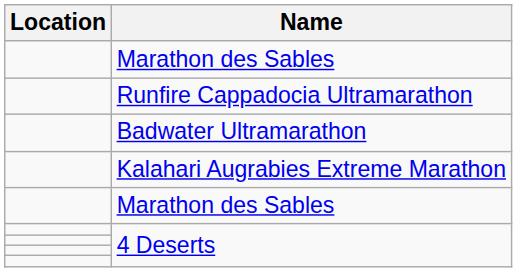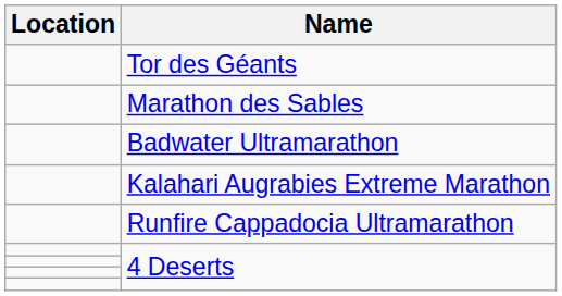 <table class="wikitable sortable">
 <tr>
 <th>Location</th>
 <th>Name</th>
 </tr>
 <tr>
 <td></td>
-<td><a href='#'>Marathon des Sables</a></td>
+<td><a href='#'>Tor des Géants</a></td>
 </tr>
 <tr>
 <td></td>
-<td><a href='#'>Runfire Cappadocia Ultramarathon</a></td>
+<td><a href='#'>Marathon des Sables</a></td>
 </tr>
 <tr>
 <td></td>
 <td><a href='#'>Badwater Ultramarathon</a></td>
 </tr>
 <tr>
 <td></td>
 <td><a href='#'>Kalahari Augrabies Extreme Marathon</a></td>
 </tr>
 <tr>
 <td></td>
-<td><a href='#'>Marathon des Sables</a></td>
+<td><a href='#'>Runfire Cappadocia Ultramarathon</a></td>
 </tr>
 <tr>
 <td></td>
 <td rowspan="4"><a href='#'>4 Deserts</a></td>
 </tr>
 <tr>
 <td></td>
 </tr>
 <tr>
 <td></td>
 </tr>
 <tr>
 <td></td>
 </tr>
 </table>
